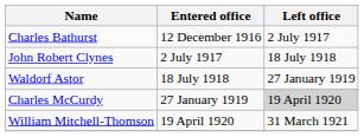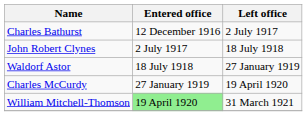 <table class="wikitable" style="text-align:left">
 <tr>
 <th>Name</th>
 <th>Entered office</th>
 <th>Left office</th>
 </tr>
 <tr>
 <td><a href='#'>Charles Bathurst</a></td>
 <td>12 December 1916</td>
 <td>2 July 1917</td>
 </tr>
 <tr>
 <td><a href='#'>John Robert Clynes</a></td>
 <td>2 July 1917</td>
 <td>18 July 1918</td>
 </tr>
 <tr>
 <td><a href='#'>Waldorf Astor</a></td>
 <td>18 July 1918</td>
 <td>27 January 1919</td>
 </tr>
 <tr>
 <td><a href='#'>Charles McCurdy</a></td>
 <td>27 January 1919</td>
-<td style="background: lightgrey;">19 April 1920</td>
+<td>19 April 1920</td>
 </tr>
 <tr>
 <td><a href='#'>William Mitchell-Thomson</a></td>
-<td>19 April 1920</td>
+<td style="background: lightgreen;">19 April 1920</td>
 <td>31 March 1921</td>
 </tr>
 <tr>
 </tr>
 </table>
